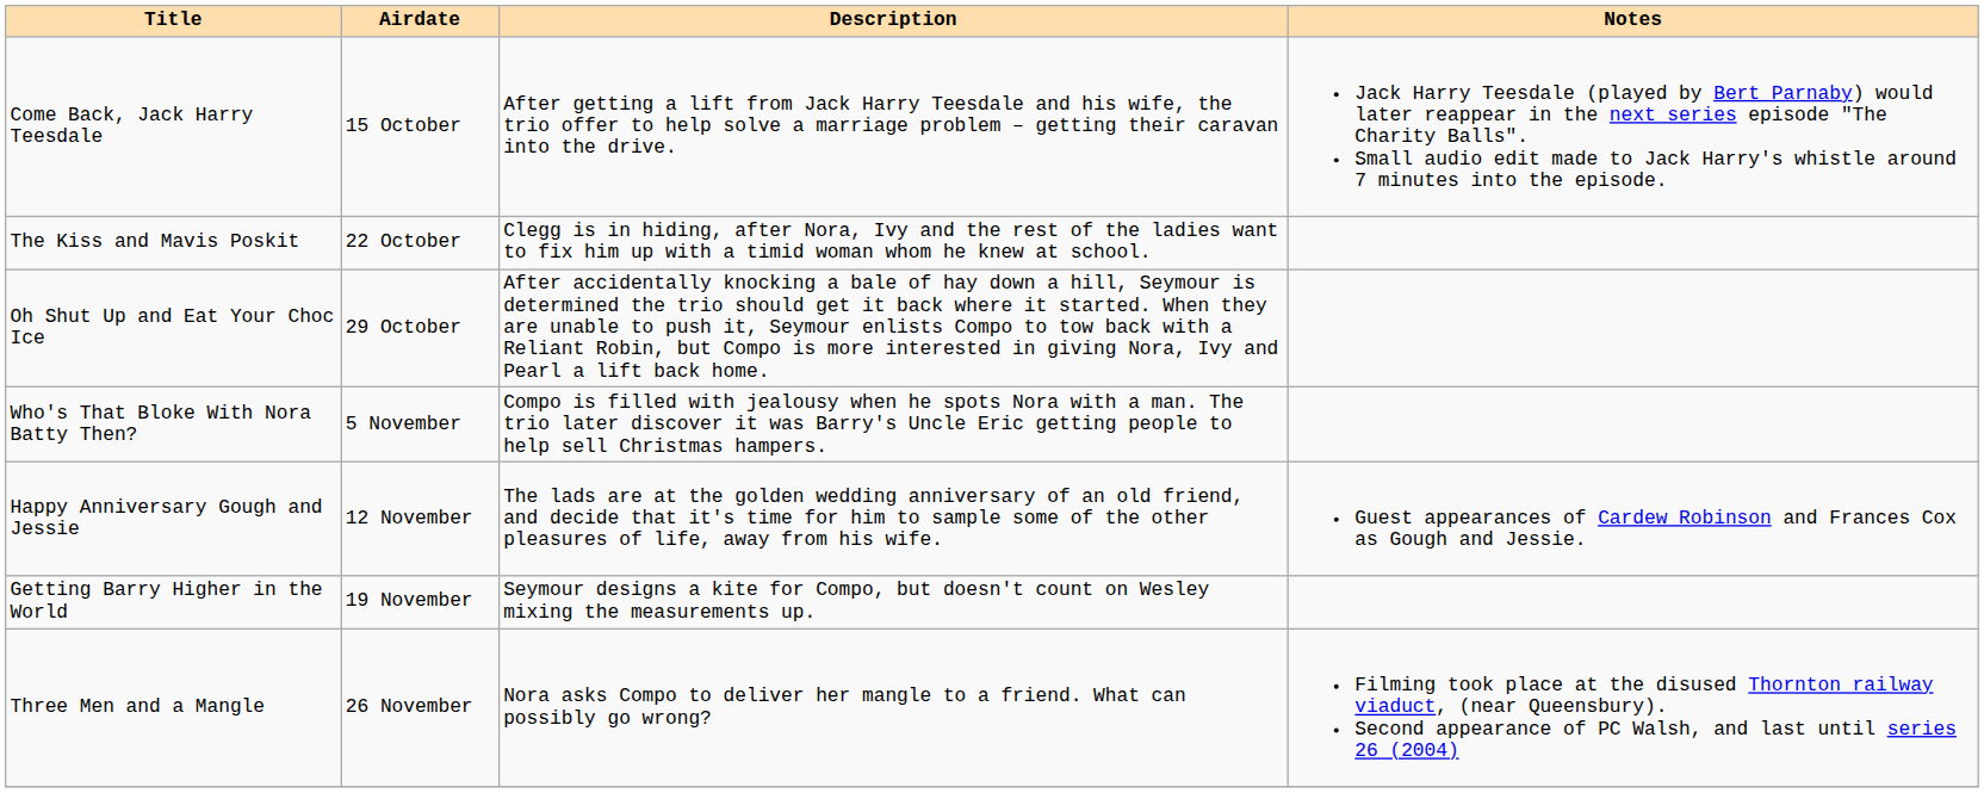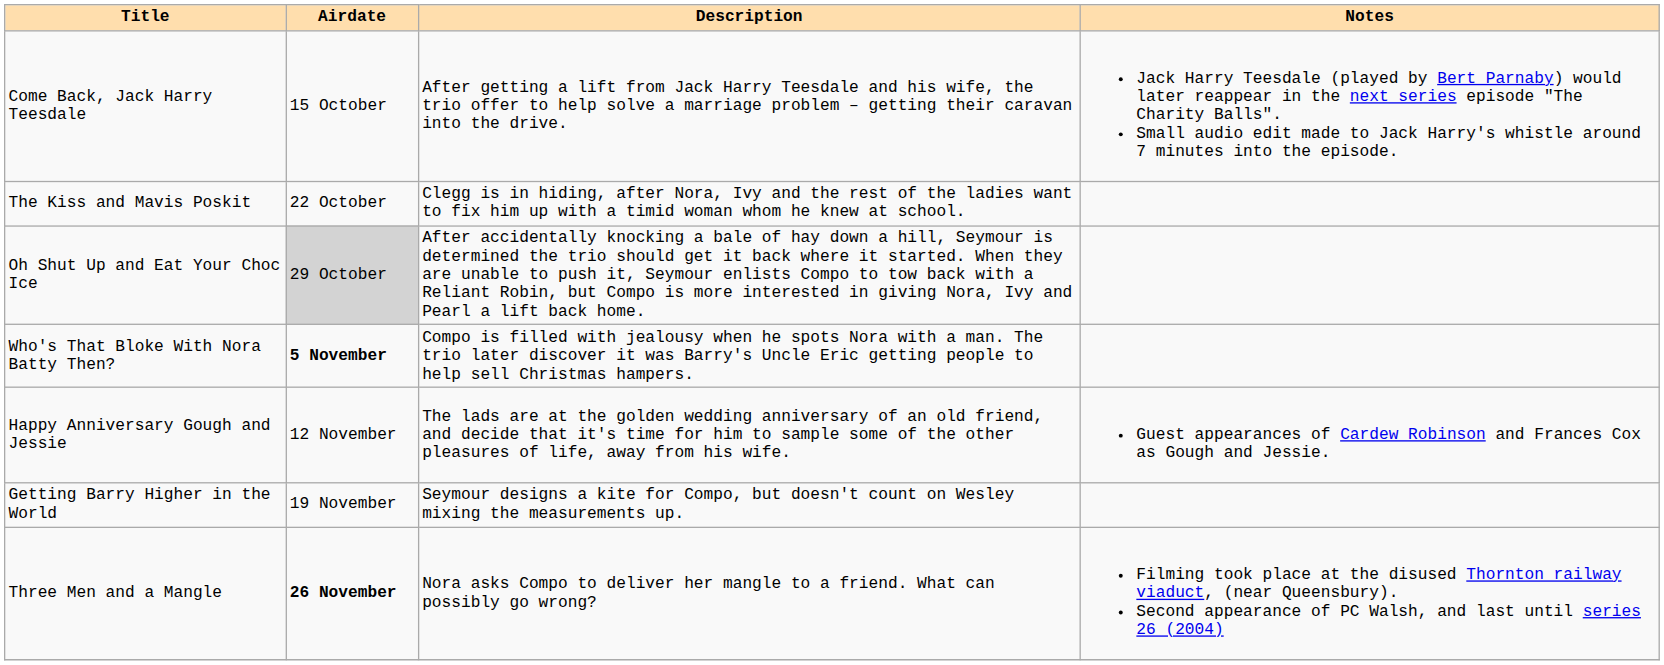 <table class="wikitable" width=100% border=1 style="font-size: 95%">
 <tr>
 <th style="background:#ffdead" width=17%>Title</th>
 <th style="background:#ffdead" width=8%>Airdate</th>
 <th style="background:#ffdead" width=40%>Description</th>
 <th style="background:#ffdead" width=35%>Notes</th>
 </tr>
 <tr>
 <td>Come Back, Jack Harry Teesdale</td>
 <td>15 October</td>
 <td>After getting a lift from Jack Harry Teesdale and his wife, the trio offer to help solve a marriage problem – getting their caravan into the drive.</td>
 <td><br><ul><li>Jack Harry Teesdale (played by <a href='#'>Bert Parnaby</a>) would later reappear in the <a href='#'>next series</a> episode "The Charity Balls".</li><li>Small audio edit made to Jack Harry's whistle around 7 minutes into the episode.</li></ul></td>
 </tr>
 <tr>
 <td>The Kiss and Mavis Poskit</td>
 <td>22 October</td>
 <td>Clegg is in hiding, after Nora, Ivy and the rest of the ladies want to fix him up with a timid woman whom he knew at school.</td>
 <td></td>
 </tr>
 <tr>
 <td>Oh Shut Up and Eat Your Choc Ice</td>
-<td>29 October</td>
+<td style="background: lightgrey;">29 October</td>
 <td>After accidentally knocking a bale of hay down a hill, Seymour is determined the trio should get it back where it started. When they are unable to push it, Seymour enlists Compo to tow back with a Reliant Robin, but Compo is more interested in giving Nora, Ivy and Pearl a lift back home.</td>
 <td></td>
 </tr>
 <tr>
 <td>Who's That Bloke With Nora Batty Then?</td>
-<td>5 November</td>
+<td><strong>5 November</strong></td>
 <td>Compo is filled with jealousy when he spots Nora with a man. The trio later discover it was Barry's Uncle Eric getting people to help sell Christmas hampers.</td>
 <td></td>
 </tr>
 <tr>
 <td>Happy Anniversary Gough and Jessie</td>
 <td>12 November</td>
 <td>The lads are at the golden wedding anniversary of an old friend, and decide that it's time for him to sample some of the other pleasures of life, away from his wife.</td>
 <td><br><ul><li>Guest appearances of <a href='#'>Cardew Robinson</a> and Frances Cox as Gough and Jessie.</li></ul></td>
 </tr>
 <tr>
 <td>Getting Barry Higher in the World</td>
 <td>19 November</td>
 <td>Seymour designs a kite for Compo, but doesn't count on Wesley mixing the measurements up.</td>
 <td></td>
 </tr>
 <tr>
 <td>Three Men and a Mangle</td>
-<td>26 November</td>
+<td><strong>26 November</strong></td>
 <td>Nora asks Compo to deliver her mangle to a friend. What can possibly go wrong?</td>
 <td><br><ul><li>Filming took place at the disused <a href='#'>Thornton railway viaduct</a>, (near Queensbury).</li><li>Second appearance of PC Walsh, and last until <a href='#'>series 26 (2004)</a></li></ul></td>
 </tr>
 <tr>
 </tr>
 </table>
